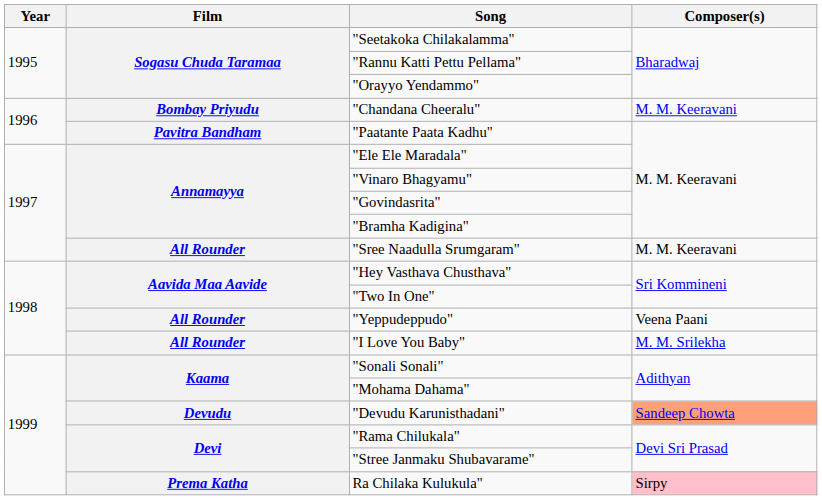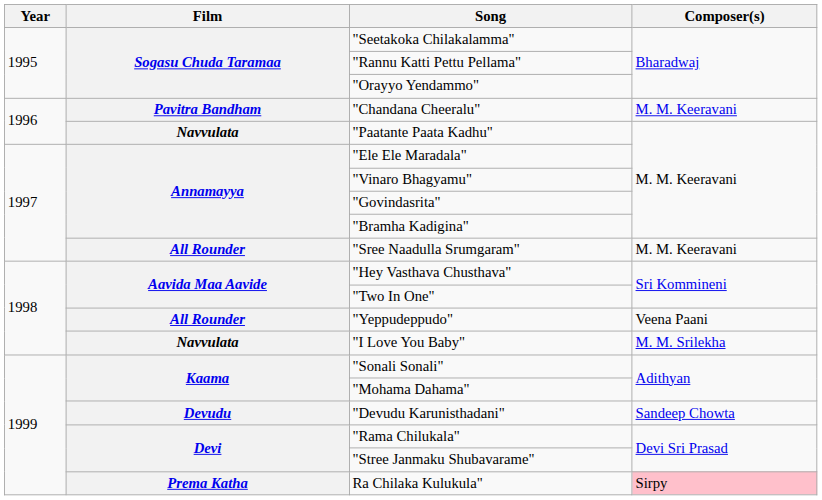 <table class="wikitable plainrowheaders" width="100%" textcolor:#000;">
 <tr style="background:#b0e0e66;">
 <th scope="col" width=5%><strong>Year</strong></th>
 <th scope="col" width=23%><strong>Film</strong></th>
 <th scope="col" width=23%><strong>Song</strong></th>
 <th scope="col" width=15%><strong>Composer(s)</strong></th>
 </tr>
 <tr>
 <td rowspan="3">1995</td>
 <th rowspan="3"><em><a href='#'>Sogasu Chuda Taramaa</a></em></th>
 <td>"Seetakoka Chilakalamma"</td>
 <td rowspan="3"><a href='#'>Bharadwaj</a></td>
 </tr>
 <tr>
 <td>"Rannu Katti Pettu Pellama"</td>
 </tr>
 <tr>
 <td>"Orayyo Yendammo"</td>
 </tr>
 <tr>
 <td rowspan="2">1996</td>
-<th><em><a href='#'>Bombay Priyudu</a></em></th>
+<th><em><a href='#'>Pavitra Bandham</a></em></th>
 <td>"Chandana Cheeralu"</td>
 <td><a href='#'>M. M. Keeravani</a></td>
 </tr>
 <tr>
-<th><em><a href='#'>Pavitra Bandham</a></em></th>
+<th><em>Navvulata</em></th>
 <td>"Paatante Paata Kadhu"</td>
 <td rowspan="5">M. M. Keeravani</td>
 </tr>
 <tr>
 <td rowspan="5">1997</td>
 <th rowspan="4"><a href='#'><em>Annamayya</em></a></th>
 <td>"Ele Ele Maradala"</td>
 </tr>
 <tr>
 <td>"Vinaro Bhagyamu"</td>
 </tr>
 <tr>
 <td>"Govindasrita"</td>
 </tr>
 <tr>
 <td>"Bramha Kadigina"</td>
 </tr>
 <tr>
 <th><em><a href='#'>All Rounder</a></em></th>
 <td>"Sree Naadulla Srumgaram"</td>
 <td>M. M. Keeravani</td>
 </tr>
 <tr>
 <td rowspan="4">1998</td>
 <th rowspan="2"><em><a href='#'>Aavida Maa Aavide</a></em></th>
 <td>"Hey Vasthava Chusthava"</td>
 <td rowspan="2"><a href='#'>Sri Kommineni</a></td>
 </tr>
 <tr>
 <td>"Two In One"</td>
 </tr>
 <tr>
 <th><em><a href='#'>All Rounder</a></em></th>
 <td>"Yeppudeppudo"</td>
 <td>Veena Paani</td>
 </tr>
 <tr>
-<th><em><a href='#'>All Rounder</a></em></th>
+<th><em>Navvulata</em></th>
 <td>"I Love You Baby"</td>
 <td><a href='#'>M. M. Srilekha</a></td>
 </tr>
 <tr>
 <td rowspan="6">1999</td>
 <th rowspan="2"><em><a href='#'>Kaama</a></em></th>
 <td>"Sonali Sonali"</td>
 <td rowspan="2"><a href='#'>Adithyan</a></td>
 </tr>
 <tr>
 <td>"Mohama Dahama"</td>
 </tr>
 <tr>
 <th><em><a href='#'>Devudu</a></em></th>
 <td>"Devudu Karunisthadani"</td>
-<td style="background: lightsalmon;"><a href='#'>Sandeep Chowta</a></td>
+<td><a href='#'>Sandeep Chowta</a></td>
 </tr>
 <tr>
 <th rowspan="2"><em><a href='#'>Devi</a></em></th>
 <td>"Rama Chilukala"</td>
 <td rowspan="2"><a href='#'>Devi Sri Prasad</a></td>
 </tr>
 <tr>
 <td>"Stree Janmaku Shubavarame"</td>
 </tr>
 <tr>
 <th><em><a href='#'>Prema Katha</a></em></th>
 <td>Ra Chilaka Kulukula"</td>
 <td style="background: pink;">Sirpy</td>
 </tr>
 </table>
